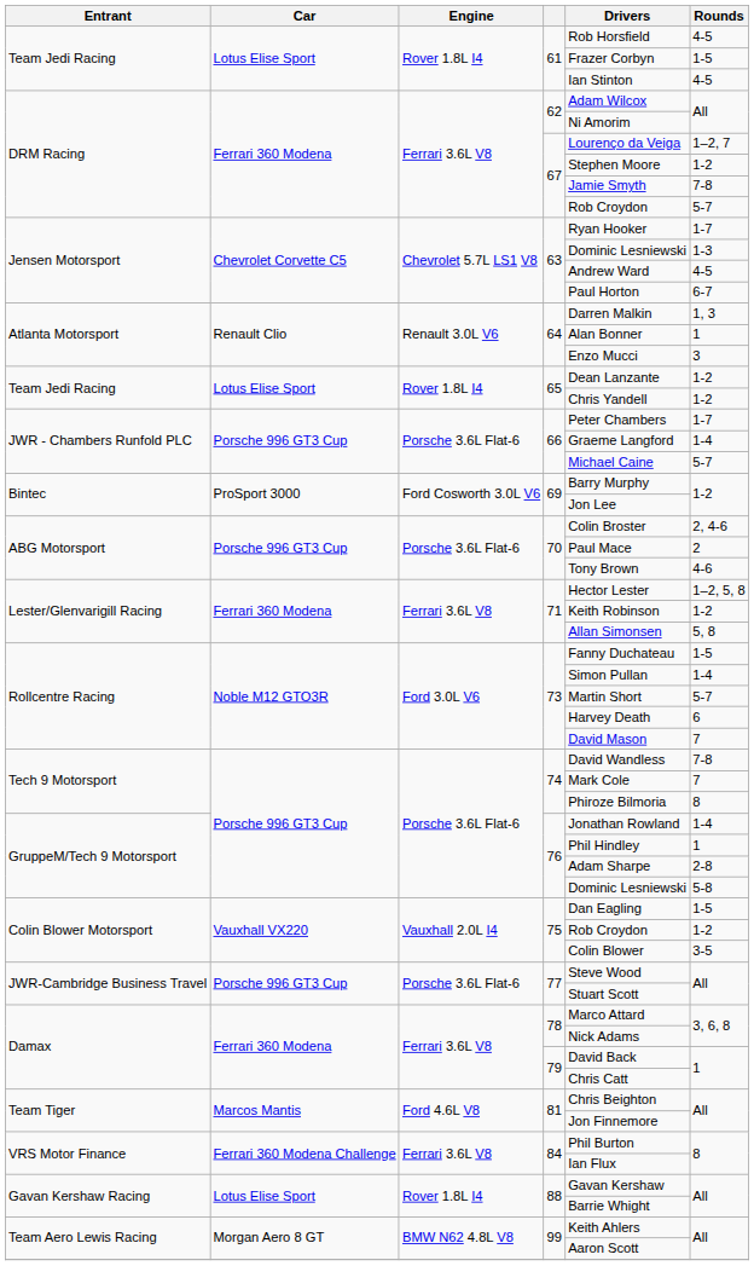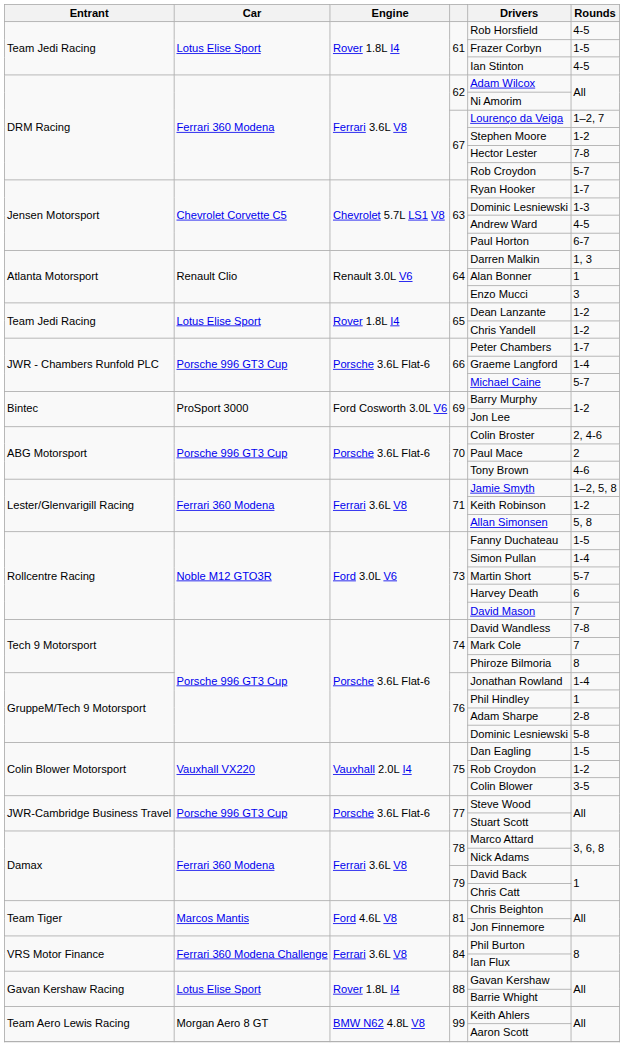 <table class="wikitable" style="font-size: 85%;">
 <tr>
 <th>Entrant</th>
 <th>Car</th>
 <th>Engine</th>
 <th></th>
 <th>Drivers</th>
 <th>Rounds</th>
 </tr>
 <tr>
 <td rowspan=3> Team Jedi Racing</td>
 <td rowspan=3><a href='#'>Lotus Elise Sport</a></td>
 <td rowspan=3><a href='#'>Rover</a> 1.8L <a href='#'>I4</a></td>
 <td rowspan=3>61</td>
 <td> Rob Horsfield</td>
 <td>4-5</td>
 </tr>
 <tr>
 <td> Frazer Corbyn</td>
 <td>1-5</td>
 </tr>
 <tr>
 <td> Ian Stinton</td>
 <td>4-5</td>
 </tr>
 <tr>
 <td rowspan=6> DRM Racing</td>
 <td rowspan=6><a href='#'>Ferrari 360 Modena</a></td>
 <td rowspan=6><a href='#'>Ferrari</a> 3.6L <a href='#'>V8</a></td>
 <td rowspan=2>62</td>
 <td> <a href='#'>Adam Wilcox</a></td>
 <td rowspan=2>All</td>
 </tr>
 <tr>
 <td> Ni Amorim</td>
 </tr>
 <tr>
 <td rowspan=4>67</td>
 <td> <a href='#'>Lourenço da Veiga</a></td>
 <td>1–2, 7</td>
 </tr>
 <tr>
 <td> Stephen Moore</td>
 <td>1-2</td>
 </tr>
 <tr>
-<td> <a href='#'>Jamie Smyth</a></td>
+<td> Hector Lester</td>
 <td>7-8</td>
 </tr>
 <tr>
 <td> Rob Croydon</td>
 <td>5-7</td>
 </tr>
 <tr>
 <td rowspan=4> Jensen Motorsport</td>
 <td rowspan=4><a href='#'>Chevrolet Corvette C5</a></td>
 <td rowspan=4><a href='#'>Chevrolet</a> 5.7L <a href='#'>LS1</a> <a href='#'>V8</a></td>
 <td rowspan=4>63</td>
 <td> Ryan Hooker</td>
 <td>1-7</td>
 </tr>
 <tr>
 <td> Dominic Lesniewski</td>
 <td>1-3</td>
 </tr>
 <tr>
 <td> Andrew Ward</td>
 <td>4-5</td>
 </tr>
 <tr>
 <td> Paul Horton</td>
 <td>6-7</td>
 </tr>
 <tr>
 <td rowspan=3> Atlanta Motorsport</td>
 <td rowspan=3>Renault Clio</td>
 <td rowspan=3>Renault 3.0L <a href='#'>V6</a></td>
 <td rowspan=3>64</td>
 <td> Darren Malkin</td>
 <td>1, 3</td>
 </tr>
 <tr>
 <td> Alan Bonner</td>
 <td>1</td>
 </tr>
 <tr>
 <td> Enzo Mucci</td>
 <td>3</td>
 </tr>
 <tr>
 <td rowspan=2> Team Jedi Racing</td>
 <td rowspan=2><a href='#'>Lotus Elise Sport</a></td>
 <td rowspan=2><a href='#'>Rover</a> 1.8L <a href='#'>I4</a></td>
 <td rowspan=2>65</td>
 <td> Dean Lanzante</td>
 <td>1-2</td>
 </tr>
 <tr>
 <td> Chris Yandell</td>
 <td>1-2</td>
 </tr>
 <tr>
 <td rowspan=3> JWR - Chambers Runfold PLC</td>
 <td rowspan=3><a href='#'>Porsche 996 GT3 Cup</a></td>
 <td rowspan=3><a href='#'>Porsche</a> 3.6L Flat-6</td>
 <td rowspan=3>66</td>
 <td> Peter Chambers</td>
 <td>1-7</td>
 </tr>
 <tr>
 <td> Graeme Langford</td>
 <td>1-4</td>
 </tr>
 <tr>
 <td> <a href='#'>Michael Caine</a></td>
 <td>5-7</td>
 </tr>
 <tr>
 <td rowspan=2> Bintec</td>
 <td rowspan=2>ProSport 3000</td>
 <td rowspan=2>Ford Cosworth 3.0L <a href='#'>V6</a></td>
 <td rowspan=2>69</td>
 <td> Barry Murphy</td>
 <td rowspan=2>1-2</td>
 </tr>
 <tr>
 <td> Jon Lee</td>
 </tr>
 <tr>
 <td rowspan=3> ABG Motorsport</td>
 <td rowspan=3><a href='#'>Porsche 996 GT3 Cup</a></td>
 <td rowspan=3><a href='#'>Porsche</a> 3.6L Flat-6</td>
 <td rowspan=3>70</td>
 <td> Colin Broster</td>
 <td>2, 4-6</td>
 </tr>
 <tr>
 <td> Paul Mace</td>
 <td>2</td>
 </tr>
 <tr>
 <td> Tony Brown</td>
 <td>4-6</td>
 </tr>
 <tr>
 <td rowspan=3> Lester/Glenvarigill Racing</td>
 <td rowspan=3><a href='#'>Ferrari 360 Modena</a></td>
 <td rowspan=3><a href='#'>Ferrari</a> 3.6L <a href='#'>V8</a></td>
 <td rowspan=3>71</td>
-<td> Hector Lester</td>
+<td> <a href='#'>Jamie Smyth</a></td>
 <td>1–2, 5, 8</td>
 </tr>
 <tr>
 <td> Keith Robinson</td>
 <td>1-2</td>
 </tr>
 <tr>
 <td> <a href='#'>Allan Simonsen</a></td>
 <td>5, 8</td>
 </tr>
 <tr>
 <td rowspan=5> Rollcentre Racing</td>
 <td rowspan=5><a href='#'>Noble M12 GTO3R</a></td>
 <td rowspan=5><a href='#'>Ford</a> 3.0L <a href='#'>V6</a></td>
 <td rowspan=5>73</td>
 <td> Fanny Duchateau</td>
 <td>1-5</td>
 </tr>
 <tr>
 <td> Simon Pullan</td>
 <td>1-4</td>
 </tr>
 <tr>
 <td> Martin Short</td>
 <td>5-7</td>
 </tr>
 <tr>
 <td> Harvey Death</td>
 <td>6</td>
 </tr>
 <tr>
 <td> <a href='#'>David Mason</a></td>
 <td>7</td>
 </tr>
 <tr>
 <td rowspan=3> Tech 9 Motorsport</td>
 <td rowspan=7><a href='#'>Porsche 996 GT3 Cup</a></td>
 <td rowspan=7><a href='#'>Porsche</a> 3.6L Flat-6</td>
 <td rowspan=3>74</td>
 <td> David Wandless</td>
 <td>7-8</td>
 </tr>
 <tr>
 <td> Mark Cole</td>
 <td>7</td>
 </tr>
 <tr>
 <td> Phiroze Bilmoria</td>
 <td>8</td>
 </tr>
 <tr>
 <td rowspan=4> GruppeM/Tech 9 Motorsport</td>
 <td rowspan=4>76</td>
 <td> Jonathan Rowland</td>
 <td>1-4</td>
 </tr>
 <tr>
 <td> Phil Hindley</td>
 <td>1</td>
 </tr>
 <tr>
 <td> Adam Sharpe</td>
 <td>2-8</td>
 </tr>
 <tr>
 <td> Dominic Lesniewski</td>
 <td>5-8</td>
 </tr>
 <tr>
 <td rowspan=3> Colin Blower Motorsport</td>
 <td rowspan=3><a href='#'>Vauxhall VX220</a></td>
 <td rowspan=3><a href='#'>Vauxhall</a> 2.0L <a href='#'>I4</a></td>
 <td rowspan=3>75</td>
 <td> Dan Eagling</td>
 <td>1-5</td>
 </tr>
 <tr>
 <td> Rob Croydon</td>
 <td>1-2</td>
 </tr>
 <tr>
 <td> Colin Blower</td>
 <td>3-5</td>
 </tr>
 <tr>
 <td rowspan=2> JWR-Cambridge Business Travel</td>
 <td rowspan=2><a href='#'>Porsche 996 GT3 Cup</a></td>
 <td rowspan=2><a href='#'>Porsche</a> 3.6L Flat-6</td>
 <td rowspan=2>77</td>
 <td> Steve Wood</td>
 <td rowspan=2>All</td>
 </tr>
 <tr>
 <td> Stuart Scott</td>
 </tr>
 <tr>
 <td rowspan=4> Damax</td>
 <td rowspan=4><a href='#'>Ferrari 360 Modena</a></td>
 <td rowspan=4><a href='#'>Ferrari</a> 3.6L <a href='#'>V8</a></td>
 <td rowspan=2>78</td>
 <td> Marco Attard</td>
 <td rowspan=2>3, 6, 8</td>
 </tr>
 <tr>
 <td> Nick Adams</td>
 </tr>
 <tr>
 <td rowspan=2>79</td>
 <td> David Back</td>
 <td rowspan=2>1</td>
 </tr>
 <tr>
 <td> Chris Catt</td>
 </tr>
 <tr>
 <td rowspan=2> Team Tiger</td>
 <td rowspan=2><a href='#'>Marcos Mantis</a></td>
 <td rowspan=2><a href='#'>Ford</a> 4.6L <a href='#'>V8</a></td>
 <td rowspan=2>81</td>
 <td> Chris Beighton</td>
 <td rowspan=2>All</td>
 </tr>
 <tr>
 <td> Jon Finnemore</td>
 </tr>
 <tr>
 <td rowspan=2> VRS Motor Finance</td>
 <td rowspan=2><a href='#'>Ferrari 360 Modena Challenge</a></td>
 <td rowspan=2><a href='#'>Ferrari</a> 3.6L <a href='#'>V8</a></td>
 <td rowspan=2>84</td>
 <td> Phil Burton</td>
 <td rowspan=2>8</td>
 </tr>
 <tr>
 <td> Ian Flux</td>
 </tr>
 <tr>
 <td rowspan=2> Gavan Kershaw Racing</td>
 <td rowspan=2><a href='#'>Lotus Elise Sport</a></td>
 <td rowspan=2><a href='#'>Rover</a> 1.8L <a href='#'>I4</a></td>
 <td rowspan=2>88</td>
 <td> Gavan Kershaw</td>
 <td rowspan=2>All</td>
 </tr>
 <tr>
 <td> Barrie Whight</td>
 </tr>
 <tr>
 <td rowspan=2> Team Aero Lewis Racing</td>
 <td rowspan=2>Morgan Aero 8 GT</td>
 <td rowspan=2><a href='#'>BMW N62</a> 4.8L <a href='#'>V8</a></td>
 <td rowspan=2>99</td>
 <td> Keith Ahlers</td>
 <td rowspan=2>All</td>
 </tr>
 <tr>
 <td> Aaron Scott</td>
 </tr>
 <tr>
 </tr>
 <tr>
 </tr>
 </table>
